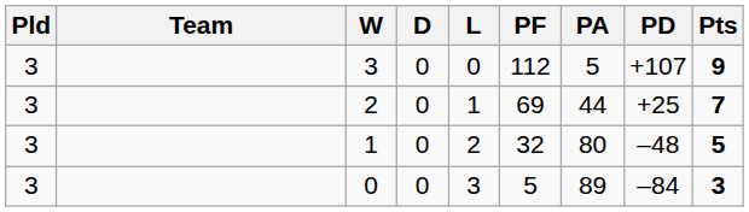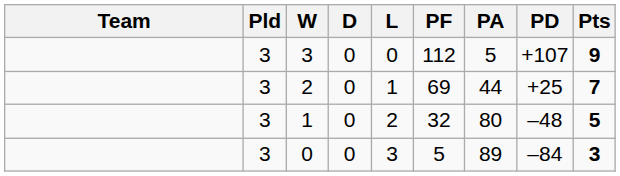 <table class="wikitable" style="text-align:center;">
 <tr>
+<th width=175>Team</th>
 <th width=25 abbr="Played">Pld</th>
-<th width=175>Team</th>
 <th width=25 abbr="Won">W</th>
 <th width=25 abbr="Drawn">D</th>
 <th width=25 abbr="Lost">L</th>
 <th width=32 abbr="Points for">PF</th>
 <th width=32 abbr="Points against">PA</th>
 <th width=32 abbr="Points difference">PD</th>
 <th width=25 abbr="Points">Pts</th>
 </tr>
 <tr>
+<td align=left></td>
 <td>3</td>
-<td align=left></td>
 <td>3</td>
 <td>0</td>
 <td>0</td>
 <td>112</td>
 <td>5</td>
 <td>+107</td>
 <td><strong>9</strong></td>
 </tr>
 <tr>
+<td align=left></td>
 <td>3</td>
-<td align=left></td>
 <td>2</td>
 <td>0</td>
 <td>1</td>
 <td>69</td>
 <td>44</td>
 <td>+25</td>
 <td><strong>7</strong></td>
 </tr>
 <tr>
+<td align=left></td>
 <td>3</td>
-<td align=left></td>
 <td>1</td>
 <td>0</td>
 <td>2</td>
 <td>32</td>
 <td>80</td>
 <td>–48</td>
 <td><strong>5</strong></td>
 </tr>
 <tr>
+<td align=left></td>
 <td>3</td>
-<td align=left></td>
 <td>0</td>
 <td>0</td>
 <td>3</td>
 <td>5</td>
 <td>89</td>
 <td>–84</td>
 <td><strong>3</strong></td>
 </tr>
 </table>
